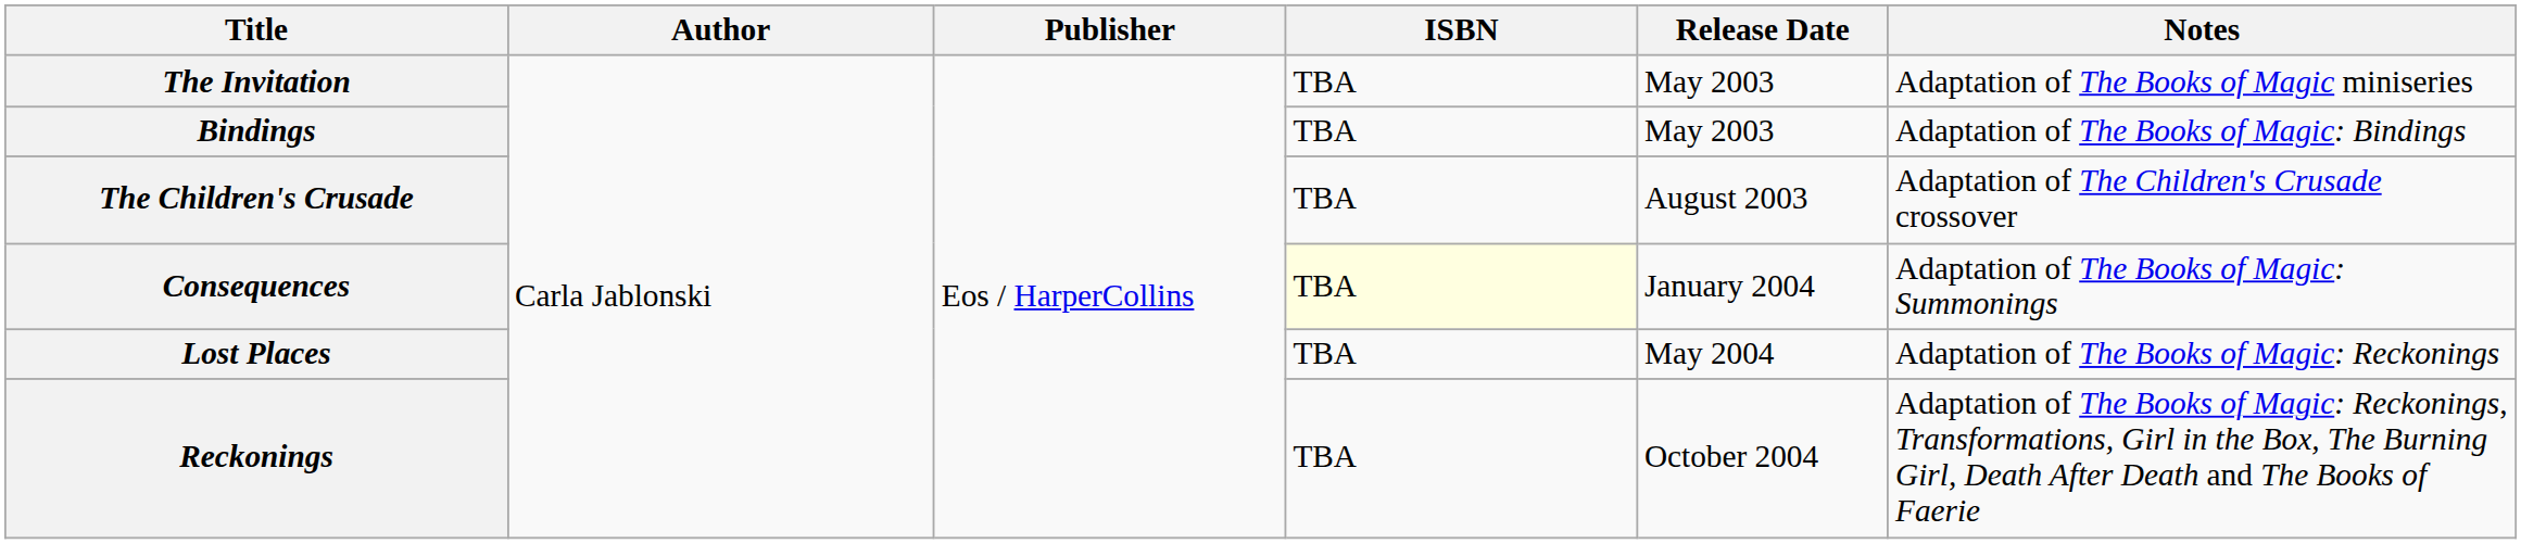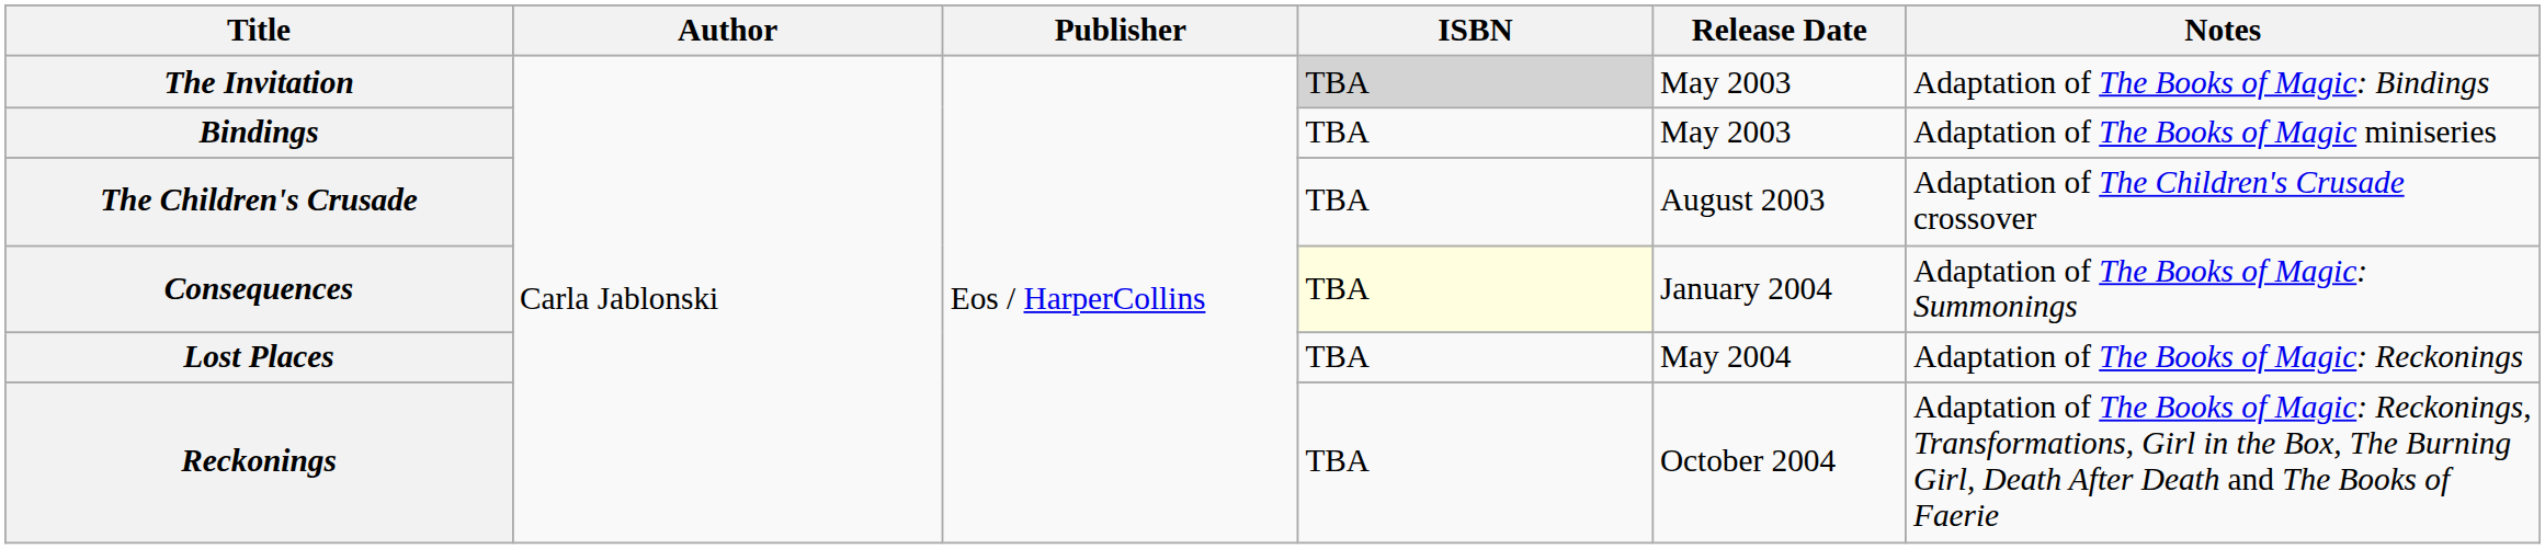 <table class="wikitable" width=100%>
 <tr>
 <th width=20%>Title</th>
 <th width=17%>Author</th>
 <th width=14%>Publisher</th>
 <th width=14%>ISBN</th>
 <th width=10%>Release Date</th>
 <th width=25%>Notes</th>
 </tr>
 <tr>
 <th><em>The Invitation</em></th>
 <td rowspan="6">Carla Jablonski</td>
 <td rowspan="6">Eos / <a href='#'>HarperCollins</a></td>
-<td>TBA</td>
+<td style="background: lightgrey;">TBA</td>
 <td>May 2003</td>
-<td>Adaptation of <em><a href='#'>The Books of Magic</a></em> miniseries</td>
+<td>Adaptation of <em><a href='#'>The Books of Magic</a>: Bindings</em></td>
 </tr>
 <tr>
 <th><em>Bindings</em></th>
 <td>TBA</td>
 <td>May 2003</td>
-<td>Adaptation of <em><a href='#'>The Books of Magic</a>: Bindings</em></td>
+<td>Adaptation of <em><a href='#'>The Books of Magic</a></em> miniseries</td>
 </tr>
 <tr>
 <th><em>The Children's Crusade</em></th>
 <td>TBA</td>
 <td>August 2003</td>
 <td>Adaptation of <a href='#'><em>The Children's Crusade</em></a> crossover</td>
 </tr>
 <tr>
 <th><em>Consequences</em></th>
 <td style="background: lightyellow;">TBA</td>
 <td>January 2004</td>
 <td>Adaptation of <em><a href='#'>The Books of Magic</a>: Summonings</em></td>
 </tr>
 <tr>
 <th><em>Lost Places</em></th>
 <td>TBA</td>
 <td>May 2004</td>
 <td>Adaptation of <em><a href='#'>The Books of Magic</a>: Reckonings</em></td>
 </tr>
 <tr>
 <th><em>Reckonings</em></th>
 <td>TBA</td>
 <td>October 2004</td>
 <td>Adaptation of <em><a href='#'>The Books of Magic</a>: Reckonings</em>, <em>Transformations, Girl in the Box, The Burning Girl, Death After Death</em> and <em>The Books of Faerie</em></td>
 </tr>
 </table>
